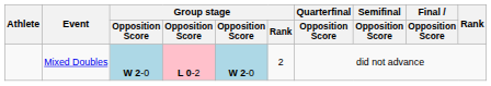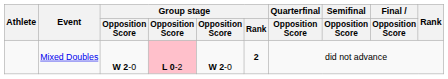 <table class="wikitable" style="font-size:90%">
 <tr>
 <th rowspan=2>Athlete</th>
 <th rowspan=2>Event</th>
 <th colspan=4>Group stage</th>
 <th>Quarterfinal</th>
 <th>Semifinal</th>
 <th>Final / </th>
 <th rowspan=2>Rank</th>
 </tr>
 <tr style="font-size:95%">
 <th>Opposition<br>Score</th>
 <th>Opposition<br>Score</th>
 <th>Opposition<br>Score</th>
 <th>Rank</th>
 <th>Opposition<br>Score</th>
 <th>Opposition<br>Score</th>
 <th>Opposition<br>Score</th>
 </tr>
 <tr align=center>
 <td align=left><br></td>
 <td align=left><a href='#'>Mixed Doubles</a></td>
-<td style="background: lightblue;"><small><br></small> <br> <strong>W</strong> <strong>2</strong>-0</td>
+<td><small><br></small> <br> <strong>W</strong> <strong>2</strong>-0</td>
 <td style="background: pink;"><small><br></small> <br> <strong>L</strong> <strong>0</strong>-2</td>
-<td style="background: lightblue;"><small><br></small> <br> <strong>W</strong> <strong>2</strong>-0</td>
-<td>2</td>
+<td><small><br></small> <br> <strong>W</strong> <strong>2</strong>-0</td>
+<td><strong>2</strong></td>
 <td colspan=4>did not advance</td>
 </tr>
 </table>
